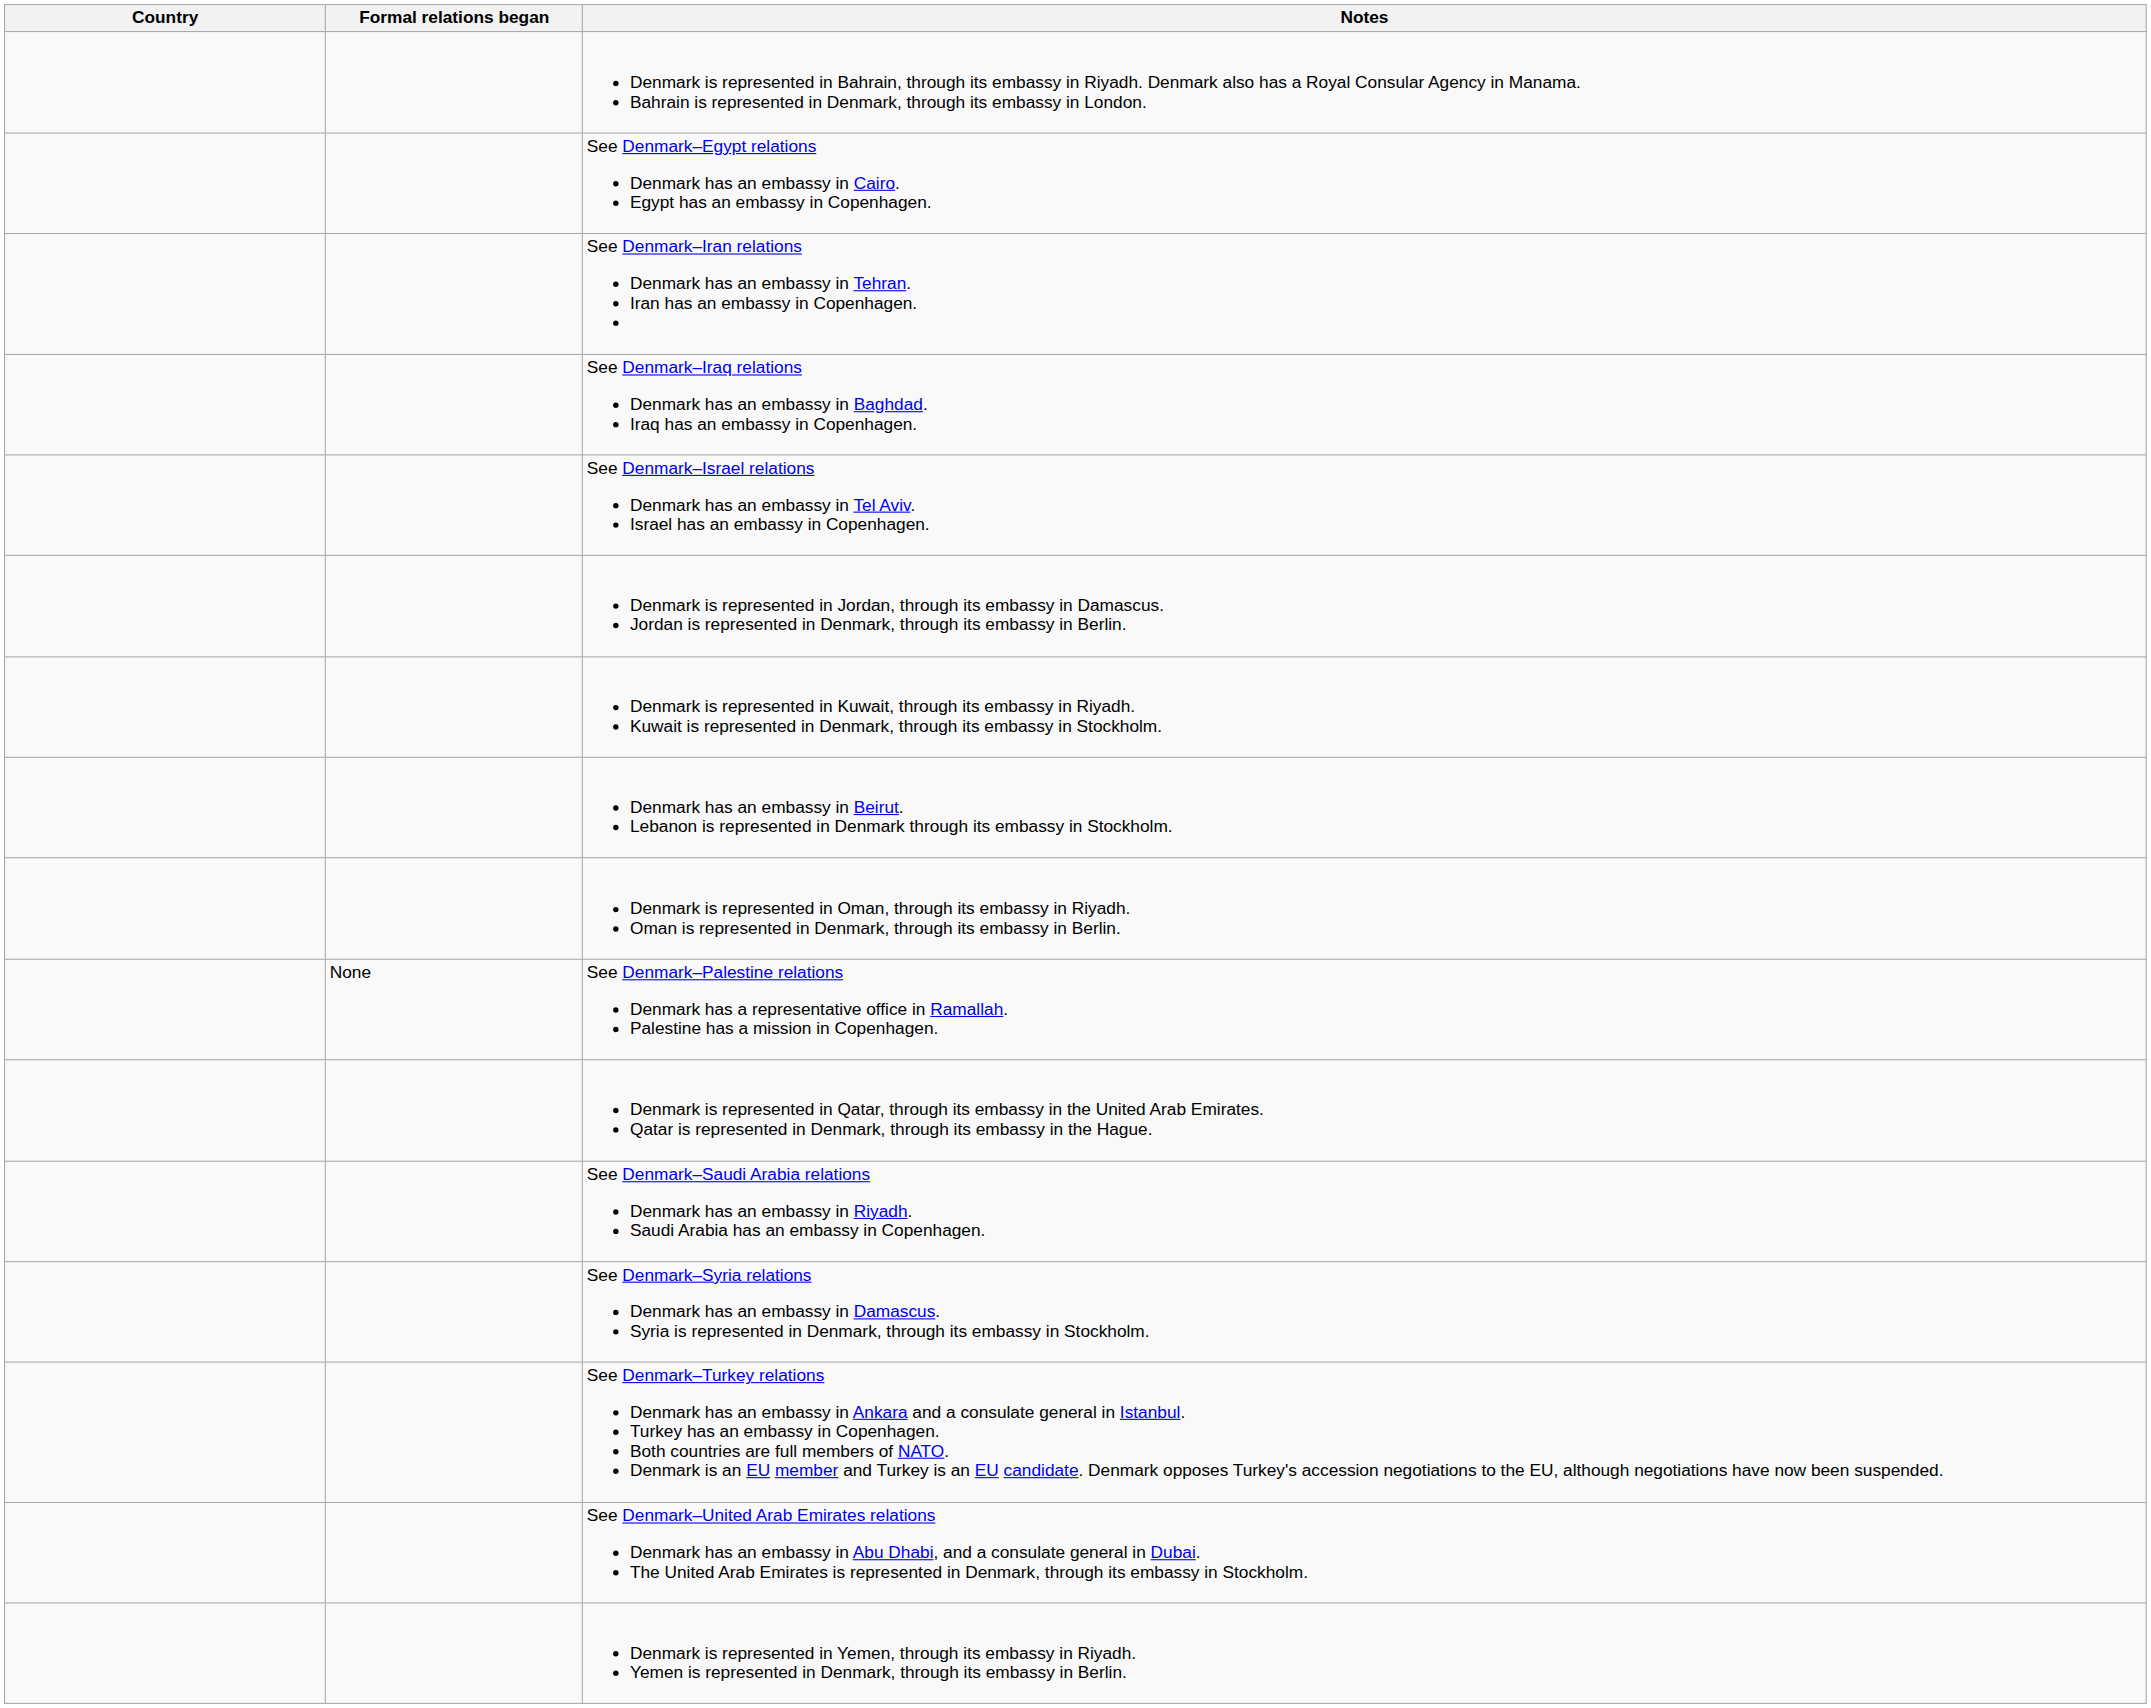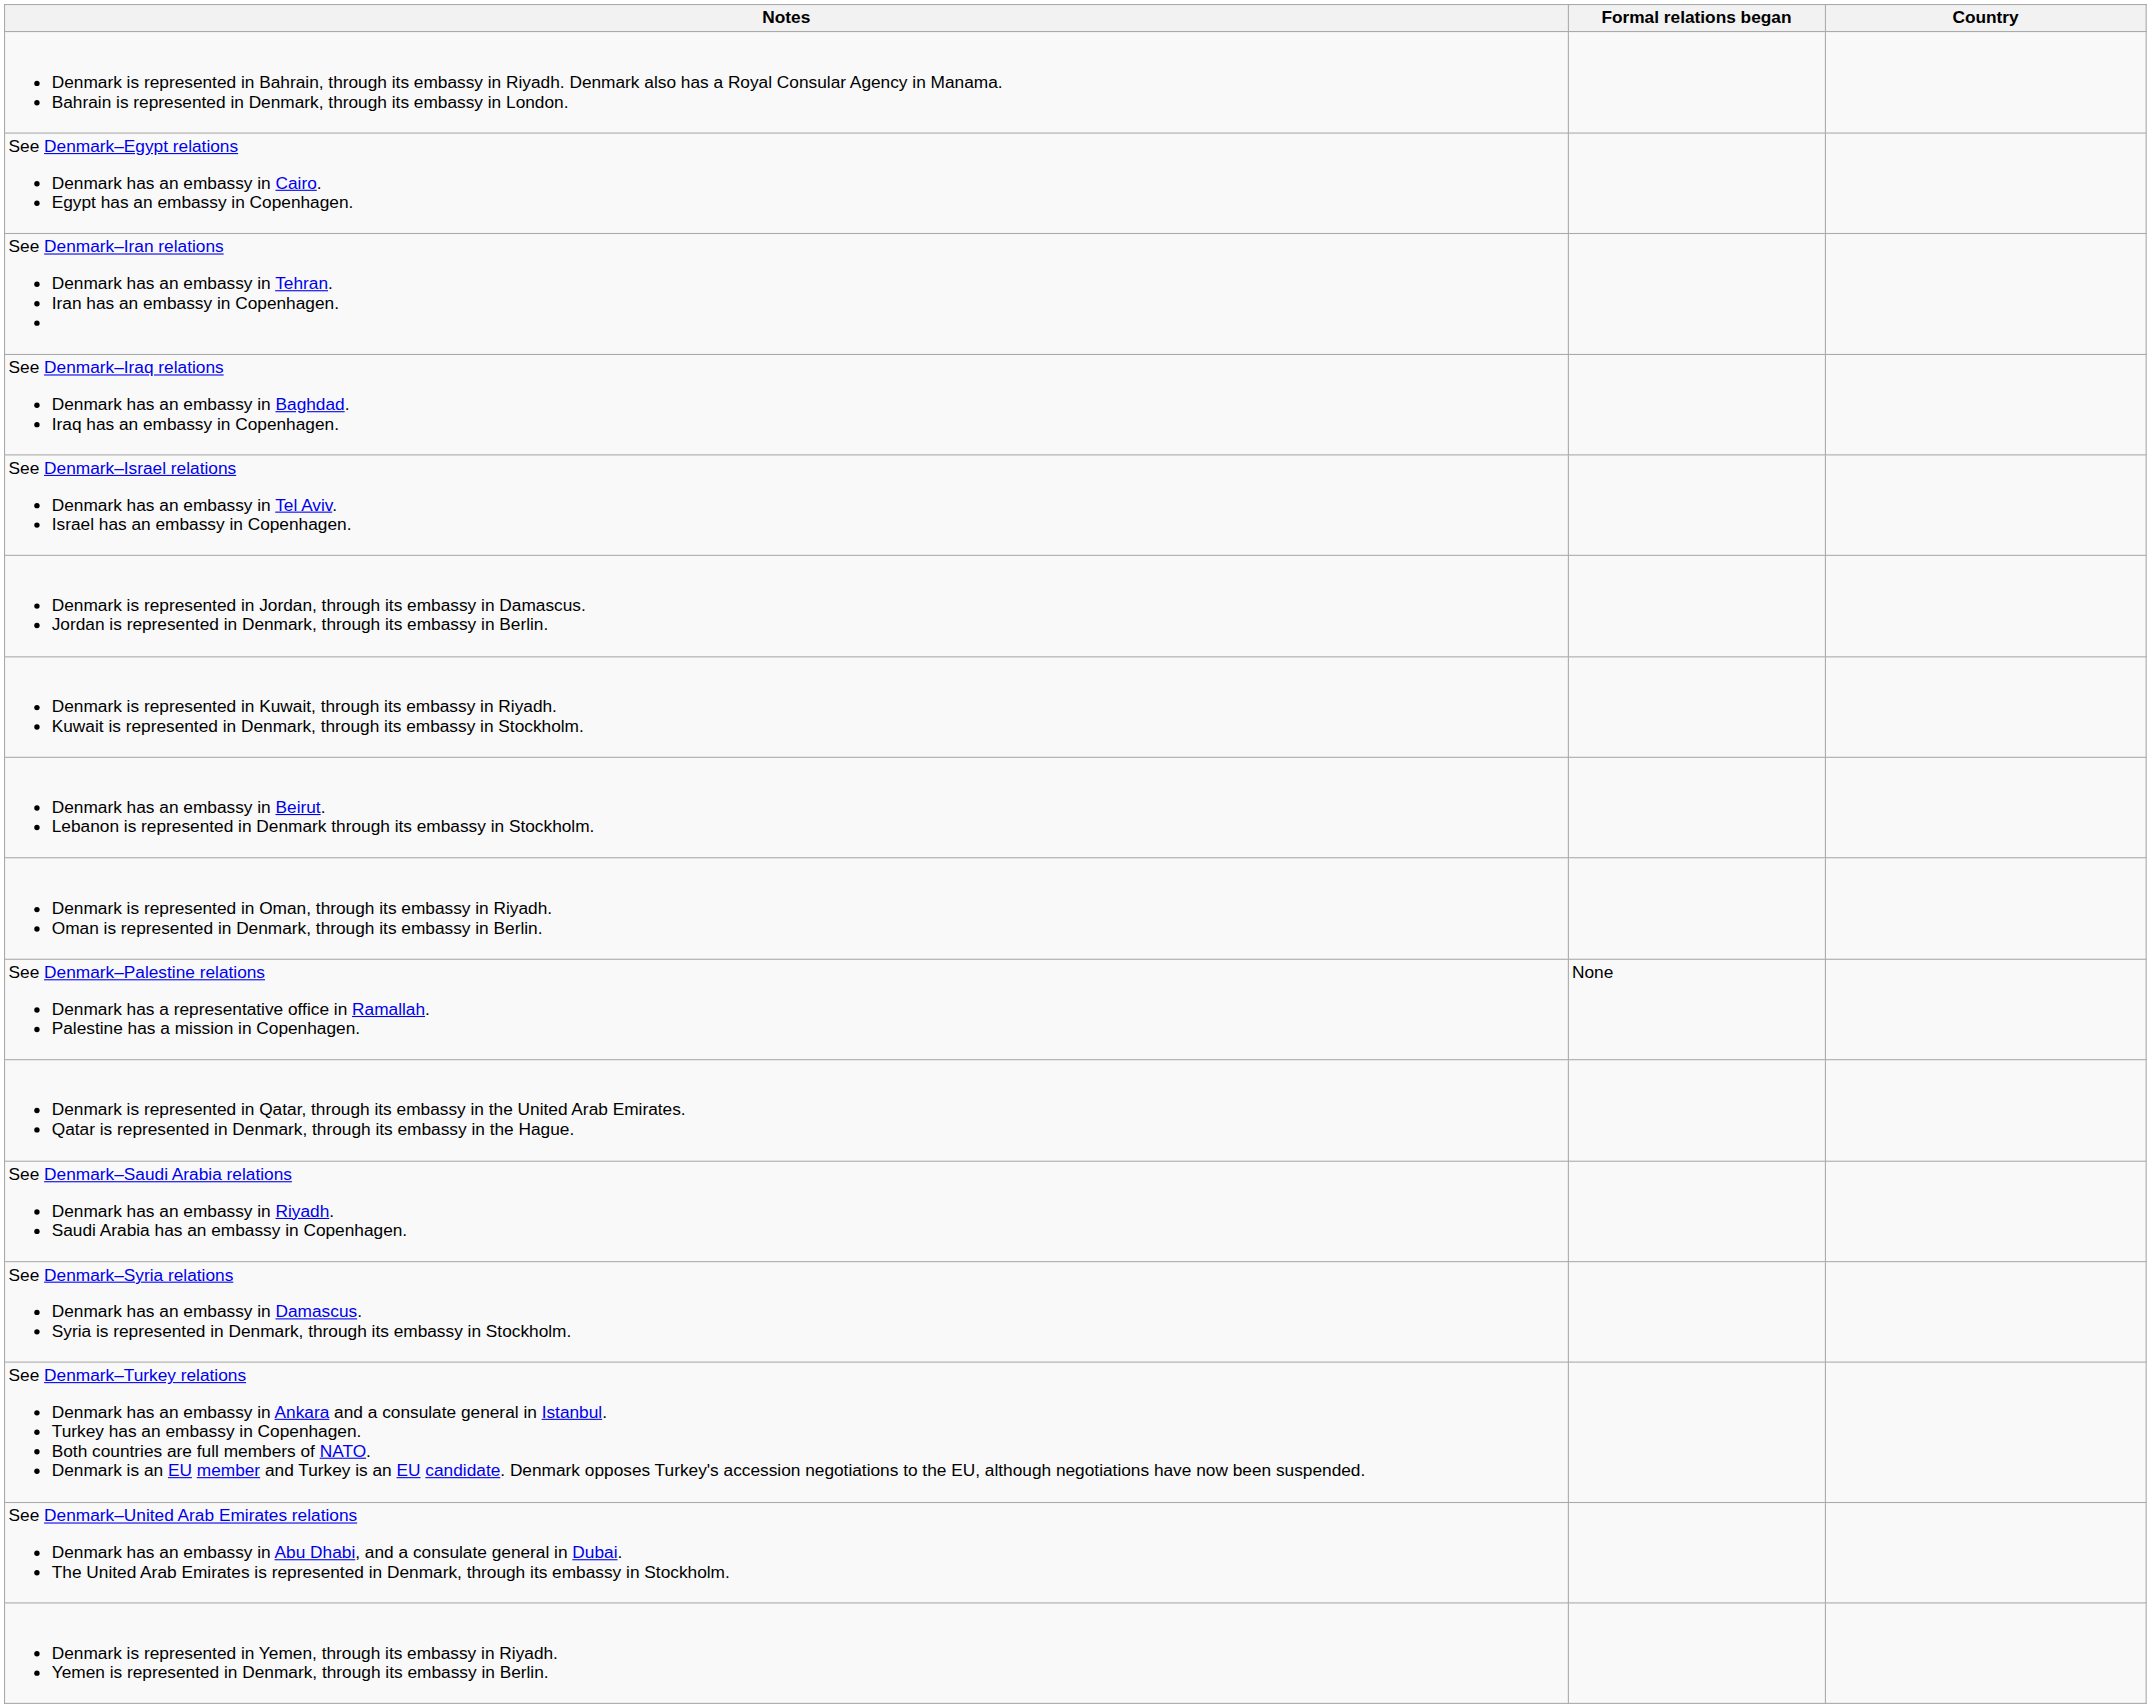 <table class="wikitable sortable" border="1" style="width:100%; margin:auto;">
 <tr>
+<th>Notes</th>
+<th width="12%">Formal relations began</th>
 <th width="15%">Country</th>
-<th width="12%">Formal relations began</th>
-<th>Notes</th>
 </tr>
 <tr - valign="top">
+<td><br><ul><li>Denmark is represented in Bahrain, through its embassy in Riyadh. Denmark also has a Royal Consular Agency in Manama.</li><li>Bahrain is represented in Denmark, through its embassy in London.</li></ul></td>
 <td></td>
 <td></td>
-<td><br><ul><li>Denmark is represented in Bahrain, through its embassy in Riyadh. Denmark also has a Royal Consular Agency in Manama.</li><li>Bahrain is represented in Denmark, through its embassy in London.</li></ul></td>
 </tr>
 <tr - valign="top">
+<td>See <a href='#'>Denmark–Egypt relations</a><br><ul><li>Denmark has an embassy in <a href='#'>Cairo</a>.</li><li>Egypt has an embassy in Copenhagen.</li></ul></td>
 <td></td>
 <td></td>
-<td>See <a href='#'>Denmark–Egypt relations</a><br><ul><li>Denmark has an embassy in <a href='#'>Cairo</a>.</li><li>Egypt has an embassy in Copenhagen.</li></ul></td>
 </tr>
 <tr - valign="top">
+<td>See <a href='#'>Denmark–Iran relations</a><br><ul><li>Denmark has an embassy in <a href='#'>Tehran</a>.</li><li>Iran has an embassy in Copenhagen.</li><li></li></ul></td>
 <td></td>
 <td></td>
-<td>See <a href='#'>Denmark–Iran relations</a><br><ul><li>Denmark has an embassy in <a href='#'>Tehran</a>.</li><li>Iran has an embassy in Copenhagen.</li><li></li></ul></td>
 </tr>
 <tr - valign="top">
+<td>See <a href='#'>Denmark–Iraq relations</a><br><ul><li>Denmark has an embassy in <a href='#'>Baghdad</a>.</li><li>Iraq has an embassy in Copenhagen.</li></ul></td>
 <td></td>
 <td></td>
-<td>See <a href='#'>Denmark–Iraq relations</a><br><ul><li>Denmark has an embassy in <a href='#'>Baghdad</a>.</li><li>Iraq has an embassy in Copenhagen.</li></ul></td>
 </tr>
 <tr - valign="top">
+<td>See <a href='#'>Denmark–Israel relations</a><br><ul><li>Denmark has an embassy in <a href='#'>Tel Aviv</a>.</li><li>Israel has an embassy in Copenhagen.</li></ul></td>
 <td></td>
 <td></td>
-<td>See <a href='#'>Denmark–Israel relations</a><br><ul><li>Denmark has an embassy in <a href='#'>Tel Aviv</a>.</li><li>Israel has an embassy in Copenhagen.</li></ul></td>
 </tr>
 <tr - valign="top">
+<td><br><ul><li>Denmark is represented in Jordan, through its embassy in Damascus.</li><li>Jordan is represented in Denmark, through its embassy in Berlin.</li></ul></td>
 <td></td>
 <td></td>
-<td><br><ul><li>Denmark is represented in Jordan, through its embassy in Damascus.</li><li>Jordan is represented in Denmark, through its embassy in Berlin.</li></ul></td>
 </tr>
 <tr - valign="top">
+<td><br><ul><li>Denmark is represented in Kuwait, through its embassy in Riyadh.</li><li>Kuwait is represented in Denmark, through its embassy in Stockholm.</li></ul></td>
 <td></td>
 <td></td>
-<td><br><ul><li>Denmark is represented in Kuwait, through its embassy in Riyadh.</li><li>Kuwait is represented in Denmark, through its embassy in Stockholm.</li></ul></td>
 </tr>
 <tr - valign="top">
+<td><br><ul><li>Denmark has an embassy in <a href='#'>Beirut</a>.</li><li>Lebanon is represented in Denmark through its embassy in Stockholm.</li></ul></td>
 <td></td>
 <td></td>
-<td><br><ul><li>Denmark has an embassy in <a href='#'>Beirut</a>.</li><li>Lebanon is represented in Denmark through its embassy in Stockholm.</li></ul></td>
 </tr>
 <tr - valign="top">
+<td><br><ul><li>Denmark is represented in Oman, through its embassy in Riyadh.</li><li>Oman is represented in Denmark, through its embassy in Berlin.</li></ul></td>
 <td></td>
 <td></td>
-<td><br><ul><li>Denmark is represented in Oman, through its embassy in Riyadh.</li><li>Oman is represented in Denmark, through its embassy in Berlin.</li></ul></td>
 </tr>
 <tr - valign="top">
+<td>See <a href='#'>Denmark–Palestine relations</a><br><ul><li>Denmark has a representative office in <a href='#'>Ramallah</a>.</li><li>Palestine has a mission in Copenhagen.</li></ul></td>
+<td>None</td>
 <td></td>
-<td>None</td>
-<td>See <a href='#'>Denmark–Palestine relations</a><br><ul><li>Denmark has a representative office in <a href='#'>Ramallah</a>.</li><li>Palestine has a mission in Copenhagen.</li></ul></td>
 </tr>
 <tr - valign="top">
+<td><br><ul><li>Denmark is represented in Qatar, through its embassy in the United Arab Emirates.</li><li>Qatar is represented in Denmark, through its embassy in the Hague.</li></ul></td>
 <td></td>
 <td></td>
-<td><br><ul><li>Denmark is represented in Qatar, through its embassy in the United Arab Emirates.</li><li>Qatar is represented in Denmark, through its embassy in the Hague.</li></ul></td>
 </tr>
 <tr - valign="top">
+<td>See <a href='#'>Denmark–Saudi Arabia relations</a><br><ul><li>Denmark has an embassy in <a href='#'>Riyadh</a>.</li><li>Saudi Arabia has an embassy in Copenhagen.</li></ul></td>
 <td></td>
 <td></td>
-<td>See <a href='#'>Denmark–Saudi Arabia relations</a><br><ul><li>Denmark has an embassy in <a href='#'>Riyadh</a>.</li><li>Saudi Arabia has an embassy in Copenhagen.</li></ul></td>
 </tr>
 <tr - valign="top">
+<td>See <a href='#'>Denmark–Syria relations</a><br><ul><li>Denmark has an embassy in <a href='#'>Damascus</a>.</li><li>Syria is represented in Denmark, through its embassy in Stockholm.</li></ul></td>
 <td></td>
 <td></td>
-<td>See <a href='#'>Denmark–Syria relations</a><br><ul><li>Denmark has an embassy in <a href='#'>Damascus</a>.</li><li>Syria is represented in Denmark, through its embassy in Stockholm.</li></ul></td>
 </tr>
 <tr - valign="top">
+<td>See <a href='#'>Denmark–Turkey relations</a><br><ul><li>Denmark has an embassy in <a href='#'>Ankara</a> and a consulate general in <a href='#'>Istanbul</a>.</li><li>Turkey has an embassy in Copenhagen.</li><li>Both countries are full members of <a href='#'>NATO</a>.</li><li>Denmark is an <a href='#'>EU</a> <a href='#'>member</a> and Turkey is an <a href='#'>EU</a> <a href='#'>candidate</a>. Denmark opposes Turkey's accession negotiations to the EU, although negotiations have now been suspended.</li></ul></td>
 <td></td>
 <td></td>
-<td>See <a href='#'>Denmark–Turkey relations</a><br><ul><li>Denmark has an embassy in <a href='#'>Ankara</a> and a consulate general in <a href='#'>Istanbul</a>.</li><li>Turkey has an embassy in Copenhagen.</li><li>Both countries are full members of <a href='#'>NATO</a>.</li><li>Denmark is an <a href='#'>EU</a> <a href='#'>member</a> and Turkey is an <a href='#'>EU</a> <a href='#'>candidate</a>. Denmark opposes Turkey's accession negotiations to the EU, although negotiations have now been suspended.</li></ul></td>
 </tr>
 <tr - valign="top">
+<td>See <a href='#'>Denmark–United Arab Emirates relations</a><br><ul><li>Denmark has an embassy in <a href='#'>Abu Dhabi</a>, and a consulate general in <a href='#'>Dubai</a>.</li><li>The United Arab Emirates is represented in Denmark, through its embassy in Stockholm.</li></ul></td>
 <td></td>
 <td></td>
-<td>See <a href='#'>Denmark–United Arab Emirates relations</a><br><ul><li>Denmark has an embassy in <a href='#'>Abu Dhabi</a>, and a consulate general in <a href='#'>Dubai</a>.</li><li>The United Arab Emirates is represented in Denmark, through its embassy in Stockholm.</li></ul></td>
 </tr>
 <tr - valign="top">
+<td><br><ul><li>Denmark is represented in Yemen, through its embassy in Riyadh.</li><li>Yemen is represented in Denmark, through its embassy in Berlin.</li></ul></td>
 <td></td>
 <td></td>
-<td><br><ul><li>Denmark is represented in Yemen, through its embassy in Riyadh.</li><li>Yemen is represented in Denmark, through its embassy in Berlin.</li></ul></td>
 </tr>
 </table>
